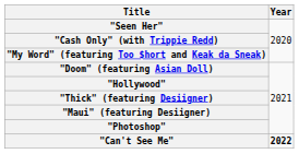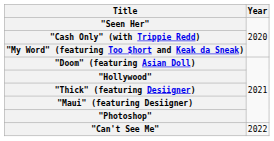 <table Class = "wikitable plainrowheaders" Style = "text - align:Center;">
 <tr>
 <th Scope = "Col">Title</th>
 <th Scope = "Col">Year</th>
 </tr>
 <tr>
 <th Scope = "row">"Seen Her"</th>
 <td rowspan="3">2020</td>
 </tr>
 <tr>
 <th Scope ="row">"Cash Only" (with <a href='#'>Trippie Redd</a>)</th>
 </tr>
 <tr>
 <th Scope = "row">"My Word" (featuring <a href='#'>Too $hort</a> and <a href='#'>Keak da Sneak</a>)</th>
 </tr>
 <tr>
 <th Scope = "row">"Doom" (featuring <a href='#'>Asian Doll</a>)</th>
 <td rowspan="5">2021</td>
 </tr>
 <tr>
 <th Scope = "row">"Hollywood"</th>
 </tr>
 <tr>
 <th Scope = "row">"Thick" (featuring <a href='#'>Desiigner</a>)</th>
 </tr>
 <tr>
 <th Scope = "row">"Maui" (featuring Desiigner)</th>
 </tr>
 <tr>
 <th Scope = "row">"Photoshop"</th>
 </tr>
 <tr>
 <th Scope = "row">"Can't See Me"</th>
-<td><strong>2022</strong></td>
+<td>2022</td>
 </tr>
 </table>
